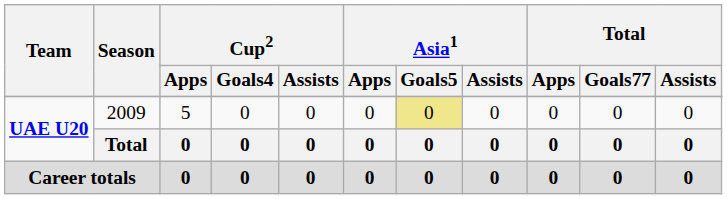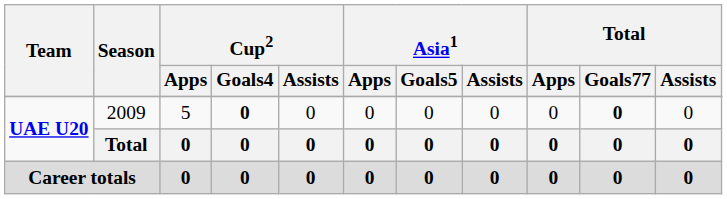 <table class="wikitable" style="font-size:90%; text-align: center;">
 <tr>
 <th rowspan="2">Team</th>
 <th rowspan="2">Season</th>
 <th colspan="3"><br>Cup<sup>2</sup></th>
 <th colspan="3"><br><a href='#'>Asia</a><sup>1</sup></th>
 <th colspan="3">Total</th>
 </tr>
 <tr>
 <th>Apps</th>
 <th>Goals4</th>
 <th>Assists</th>
 <th>Apps</th>
 <th>Goals5</th>
 <th>Assists</th>
 <th>Apps</th>
 <th>Goals77</th>
 <th>Assists</th>
 </tr>
 <tr>
 </tr>
 <tr align=center>
 <td rowspan="2" align=center valign=center><strong><a href='#'>UAE U20</a></strong></td>
 <td>2009</td>
 <td>5</td>
+<td><strong>0</strong></td>
 <td>0</td>
 <td>0</td>
 <td>0</td>
-<td style="background: khaki;">0</td>
 <td>0</td>
 <td>0</td>
-<td>0</td>
+<td><strong>0</strong></td>
 <td>0</td>
 </tr>
 <tr align=center>
 <th>Total</th>
 <th>0</th>
 <th>0</th>
 <th>0</th>
 <th>0</th>
 <th>0</th>
 <th>0</th>
 <th>0</th>
 <th>0</th>
 <th>0</th>
 </tr>
 <tr>
 <th style="background: #DCDCDC" colspan="2">Career totals</th>
 <th style="background: #DCDCDC">0</th>
 <th style="background: #DCDCDC">0</th>
 <th style="background: #DCDCDC">0</th>
 <th style="background: #DCDCDC">0</th>
 <th style="background: #DCDCDC">0</th>
 <th style="background: #DCDCDC">0</th>
 <th style="background: #DCDCDC">0</th>
 <th style="background: #DCDCDC">0</th>
 <th style="background: #DCDCDC">0</th>
 </tr>
 </table>
